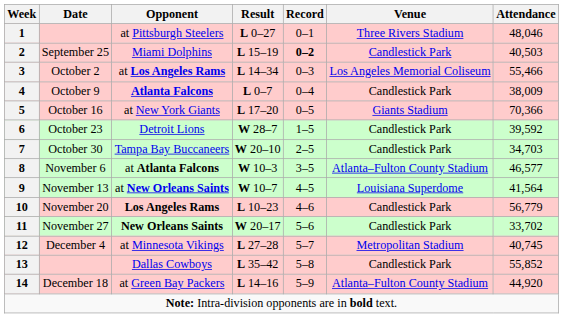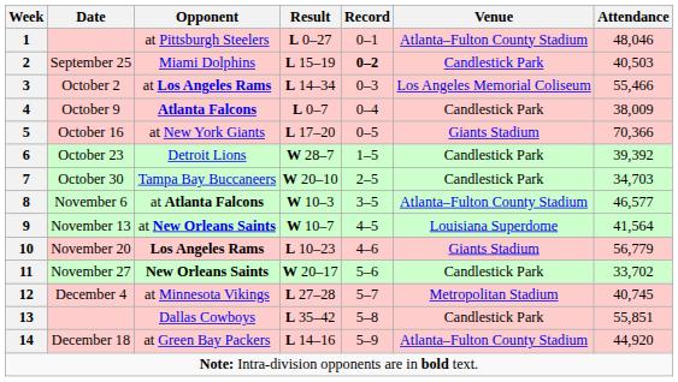 <table class="wikitable" style="text-align:center">
 <tr>
 <th>Week</th>
 <th>Date</th>
 <th>Opponent</th>
 <th>Result</th>
 <th>Record</th>
 <th>Venue</th>
 <th>Attendance</th>
 </tr>
 <tr style="background:#fcc">
 <th>1</th>
 <td></td>
 <td>at <a href='#'>Pittsburgh Steelers</a></td>
 <td><strong>L</strong> 0–27</td>
 <td>0–1</td>
-<td><a href='#'>Three Rivers Stadium</a></td>
+<td><a href='#'>Atlanta–Fulton County Stadium</a></td>
 <td>48,046</td>
 </tr>
 <tr style="background:#fcc">
 <th>2</th>
 <td>September 25</td>
 <td><a href='#'>Miami Dolphins</a></td>
 <td><strong>L</strong> 15–19</td>
 <td><strong>0–2</strong></td>
 <td><a href='#'>Candlestick Park</a></td>
 <td>40,503</td>
 </tr>
 <tr style="background:#fcc">
 <th>3</th>
 <td>October 2</td>
 <td>at <strong><a href='#'>Los Angeles Rams</a></strong></td>
 <td><strong>L</strong> 14–34</td>
 <td>0–3</td>
 <td><a href='#'>Los Angeles Memorial Coliseum</a></td>
 <td>55,466</td>
 </tr>
 <tr style="background:#fcc">
 <th>4</th>
 <td>October 9</td>
 <td><strong><a href='#'>Atlanta Falcons</a></strong></td>
 <td><strong>L</strong> 0–7</td>
 <td>0–4</td>
 <td>Candlestick Park</td>
 <td>38,009</td>
 </tr>
 <tr style="background:#fcc">
 <th>5</th>
 <td>October 16</td>
 <td>at <a href='#'>New York Giants</a></td>
 <td><strong>L</strong> 17–20</td>
 <td>0–5</td>
 <td><a href='#'>Giants Stadium</a></td>
 <td>70,366</td>
 </tr>
 <tr style="background:#cfc">
 <th>6</th>
 <td>October 23</td>
 <td><a href='#'>Detroit Lions</a></td>
 <td><strong>W</strong> 28–7</td>
 <td>1–5</td>
 <td>Candlestick Park</td>
-<td>39,592</td>
+<td>39,392</td>
 </tr>
 <tr style="background:#cfc">
 <th>7</th>
 <td>October 30</td>
 <td><a href='#'>Tampa Bay Buccaneers</a></td>
 <td><strong>W</strong> 20–10</td>
 <td>2–5</td>
 <td>Candlestick Park</td>
 <td>34,703</td>
 </tr>
 <tr style="background:#cfc">
 <th>8</th>
 <td>November 6</td>
 <td>at <strong>Atlanta Falcons</strong></td>
 <td><strong>W</strong> 10–3</td>
 <td>3–5</td>
 <td><a href='#'>Atlanta–Fulton County Stadium</a></td>
 <td>46,577</td>
 </tr>
 <tr style="background:#cfc">
 <th>9</th>
 <td>November 13</td>
 <td>at <strong><a href='#'>New Orleans Saints</a></strong></td>
 <td><strong>W</strong> 10–7</td>
 <td>4–5</td>
 <td><a href='#'>Louisiana Superdome</a></td>
 <td>41,564</td>
 </tr>
 <tr style="background:#fcc">
 <th>10</th>
 <td>November 20</td>
 <td><strong>Los Angeles Rams</strong></td>
 <td><strong>L</strong> 10–23</td>
 <td>4–6</td>
-<td>Candlestick Park</td>
+<td><a href='#'>Giants Stadium</a></td>
 <td>56,779</td>
 </tr>
 <tr style="background:#cfc">
 <th>11</th>
 <td>November 27</td>
 <td><strong>New Orleans Saints</strong></td>
 <td><strong>W</strong> 20–17</td>
 <td>5–6</td>
 <td>Candlestick Park</td>
 <td>33,702</td>
 </tr>
 <tr style="background:#fcc">
 <th>12</th>
 <td>December 4</td>
 <td>at <a href='#'>Minnesota Vikings</a></td>
 <td><strong>L</strong> 27–28</td>
 <td>5–7</td>
 <td><a href='#'>Metropolitan Stadium</a></td>
 <td>40,745</td>
 </tr>
 <tr style="background:#fcc">
 <th>13</th>
 <td></td>
 <td><a href='#'>Dallas Cowboys</a></td>
 <td><strong>L</strong> 35–42</td>
 <td>5–8</td>
 <td>Candlestick Park</td>
-<td>55,852</td>
+<td>55,851</td>
 </tr>
 <tr style="background:#fcc">
 <th>14</th>
 <td>December 18</td>
 <td>at <a href='#'>Green Bay Packers</a></td>
 <td><strong>L</strong> 14–16</td>
 <td>5–9</td>
 <td><a href='#'>Atlanta–Fulton County Stadium</a></td>
 <td>44,920</td>
 </tr>
 <tr>
 <td colspan="8"><strong>Note:</strong> Intra-division opponents are in <strong>bold</strong> text.</td>
 </tr>
 </table>
